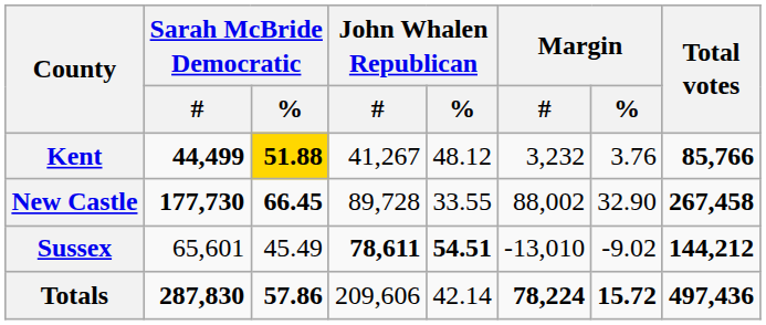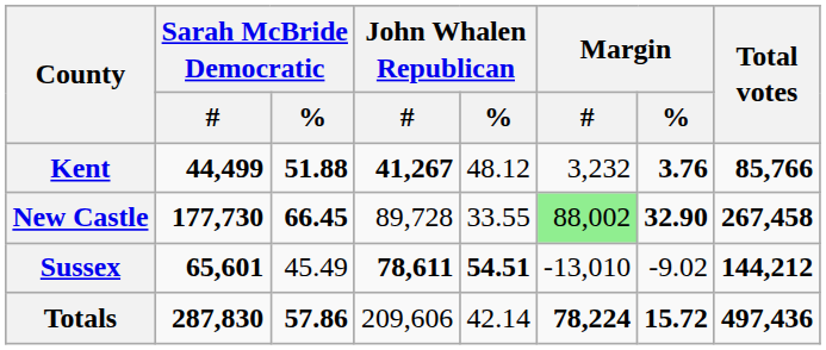 <table class="wikitable sortable" style="text-align:right;font-size:90%;line-height:1.3">
 <tr>
 <th rowspan="2">County</th>
 <th colspan="2"><a href='#'>Sarah McBride</a><br><a href='#'>Democratic</a></th>
 <th colspan="2">John Whalen<br><a href='#'>Republican</a></th>
 <th colspan="2">Margin</th>
 <th rowspan="2">Total<br>votes</th>
 </tr>
 <tr>
 <th data-sort-type="number">#</th>
 <th data-sort-type="number">%</th>
 <th data-sort-type="number">#</th>
 <th data-sort-type="number">%</th>
 <th data-sort-type="number">#</th>
 <th data-sort-type="number">%</th>
 </tr>
 <tr>
 <th><a href='#'>Kent</a></th>
 <td><strong>44,499</strong></td>
-<td style="background: gold;"><strong>51.88</strong></td>
-<td>41,267</td>
+<td><strong>51.88</strong></td>
+<td><strong>41,267</strong></td>
 <td>48.12</td>
 <td>3,232</td>
-<td>3.76</td>
+<td><strong>3.76</strong></td>
 <td><strong>85,766</strong></td>
 </tr>
 <tr>
 <th><a href='#'>New Castle</a></th>
 <td><strong>177,730</strong></td>
 <td><strong>66.45</strong></td>
 <td>89,728</td>
 <td>33.55</td>
-<td>88,002</td>
-<td>32.90</td>
+<td style="background: lightgreen;">88,002</td>
+<td><strong>32.90</strong></td>
 <td><strong>267,458</strong></td>
 </tr>
 <tr>
 <th><a href='#'>Sussex</a></th>
-<td>65,601</td>
+<td><strong>65,601</strong></td>
 <td>45.49</td>
 <td><strong>78,611</strong></td>
 <td><strong>54.51</strong></td>
 <td>-13,010</td>
 <td>-9.02</td>
 <td><strong>144,212</strong></td>
 </tr>
 <tr class="sortbottom">
 <th>Totals</th>
 <td><strong>287,830</strong></td>
 <td><strong>57.86</strong></td>
 <td>209,606</td>
 <td>42.14</td>
 <td><strong>78,224</strong></td>
 <td><strong>15.72</strong></td>
 <td><strong>497,436</strong></td>
 </tr>
 </table>
